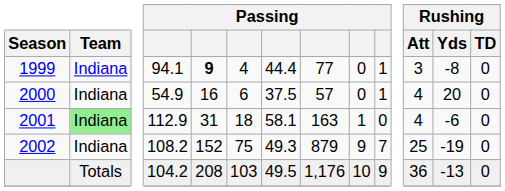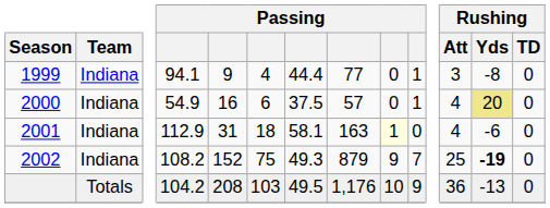 <table class="wikitable" style="text-align:center">
 <tr>
 <th colspan=2 style="background:#fff; border-color:#fff #fff #aaa #fff"> </th>
 <th rowspan=99 style="background:#fff; border-color:#fff #aaa"> </th>
 <th colspan=7>Passing</th>
 <th rowspan=99 style="background:#fff; border-color:#fff #aaa"> </th>
 <th colspan=3>Rushing</th>
 </tr>
 <tr>
 <th>Season</th>
 <th>Team</th>
 <th></th>
 <th></th>
 <th></th>
 <th></th>
 <th></th>
 <th></th>
 <th></th>
 <th align="center">Att</th>
 <th>Yds</th>
 <th>TD</th>
 </tr>
 <tr>
 <td><a href='#'>1999</a></td>
 <td><a href='#'>Indiana</a></td>
 <td>94.1</td>
-<td><strong>9</strong></td>
+<td>9</td>
 <td>4</td>
 <td>44.4</td>
 <td>77</td>
 <td>0</td>
 <td>1</td>
 <td>3</td>
 <td>-8</td>
 <td>0</td>
 </tr>
 <tr>
 <td><a href='#'>2000</a></td>
 <td>Indiana</td>
 <td>54.9</td>
 <td>16</td>
 <td>6</td>
 <td>37.5</td>
 <td>57</td>
 <td>0</td>
 <td>1</td>
 <td>4</td>
-<td>20</td>
+<td style="background: khaki;">20</td>
 <td>0</td>
 </tr>
 <tr>
 <td><a href='#'>2001</a></td>
-<td style="background: lightgreen;">Indiana</td>
+<td>Indiana</td>
 <td>112.9</td>
 <td>31</td>
 <td>18</td>
 <td>58.1</td>
 <td>163</td>
-<td>1</td>
+<td style="background: lightyellow;">1</td>
 <td>0</td>
 <td>4</td>
 <td>-6</td>
 <td>0</td>
 </tr>
 <tr>
 <td><a href='#'>2002</a></td>
 <td>Indiana</td>
 <td>108.2</td>
 <td>152</td>
 <td>75</td>
 <td>49.3</td>
 <td>879</td>
 <td>9</td>
 <td>7</td>
 <td>25</td>
-<td>-19</td>
+<td><strong>-19</strong></td>
 <td>0</td>
 </tr>
 <tr style="background:#f0f0f0;">
 <td></td>
 <td>Totals</td>
 <td>104.2</td>
 <td>208</td>
 <td>103</td>
 <td>49.5</td>
 <td>1,176</td>
 <td>10</td>
 <td>9</td>
 <td>36</td>
 <td>-13</td>
 <td>0</td>
 </tr>
 <tr>
 </tr>
 </table>
